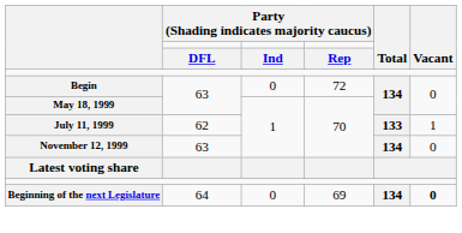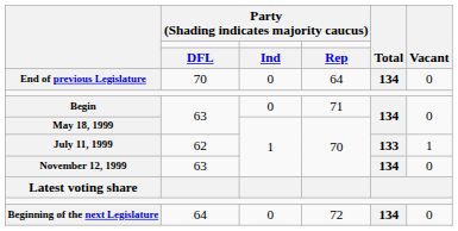 <table class=wikitable style="text-align:center">
 <tr style="vertical-align:bottom;">
 <th rowspan=3></th>
 <th colspan=3>Party <div>(Shading indicates majority caucus)</div></th>
 <th rowspan=3>Total</th>
 <th rowspan=3>Vacant</th>
 </tr>
 <tr style="height:5px">
 <td style="background-color:"></td>
 <td style="background-color:"></td>
 <td style="background-color:"></td>
 </tr>
 <tr>
 <th><a href='#'>DFL</a></th>
 <th><a href='#'>Ind</a></th>
 <th><a href='#'>Rep</a></th>
 </tr>
 <tr>
+<th style="white-space:nowrap; font-size:80%;">End of <a href='#'>previous Legislature</a></th>
+<td>70</td>
+<td>0</td>
+<td>64</td>
+<th>134</th>
+<td>0</td>
+</tr>
+<tr>
 <td colspan=6></td>
 </tr>
 <tr>
 <th style="font-size:80%">Begin</th>
 <td rowspan="2">63</td>
 <td>0</td>
-<td>72</td>
+<td>71</td>
 <th rowspan="2">134</th>
 <td rowspan="2">0</td>
 </tr>
 <tr>
 <th style="font-size:80%">May 18, 1999 </th>
 <td rowspan="3">1</td>
 <td rowspan="3" >70</td>
 </tr>
 <tr>
 <th style="font-size:80%">July 11, 1999 </th>
 <td>62</td>
 <th>133</th>
 <td>1</td>
 </tr>
 <tr>
 <th style="font-size:80%">November 12, 1999 </th>
 <td>63</td>
 <th>134</th>
 <td>0</td>
 </tr>
 <tr>
 <th>Latest voting share</th>
 <th></th>
 <th></th>
 <th></th>
 <th colspan=2></th>
 </tr>
 <tr>
 <td colspan=6></td>
 </tr>
 <tr>
 <th style="white-space:nowrap; font-size:80%;">Beginning of the <a href='#'>next Legislature</a></th>
 <td>64</td>
 <td>0</td>
-<td>69</td>
+<td>72</td>
 <th>134</th>
-<td><strong>0</strong></td>
+<td>0</td>
 </tr>
 </table>
